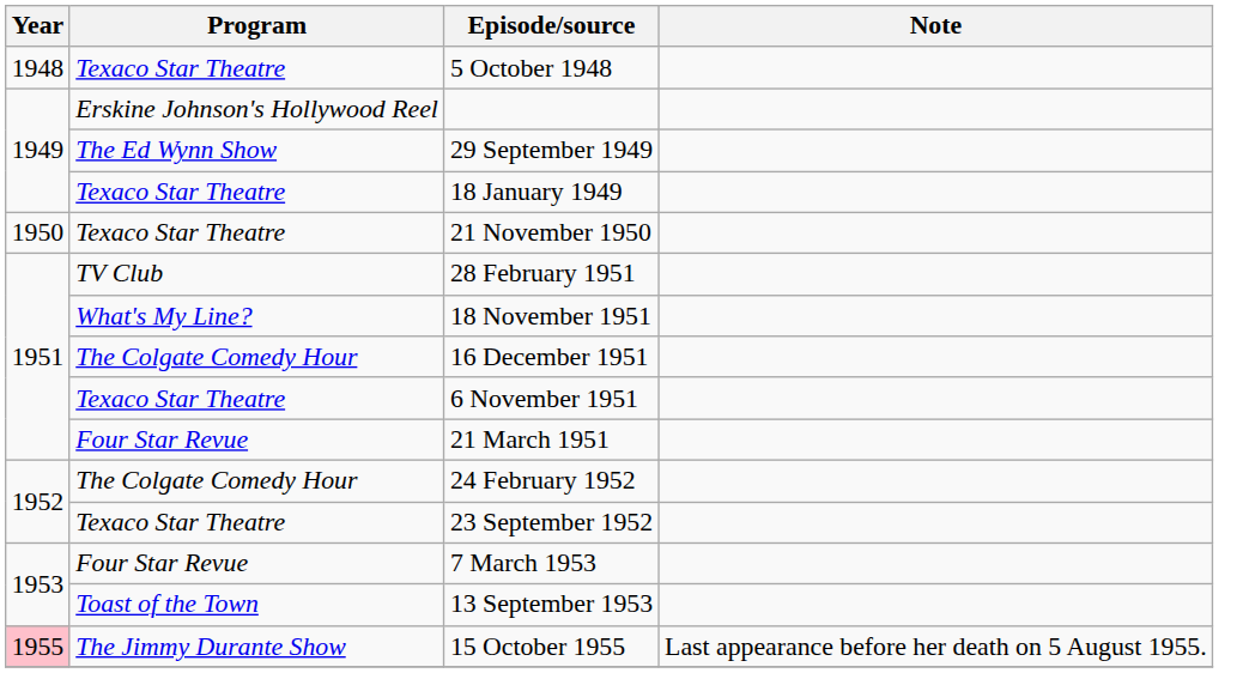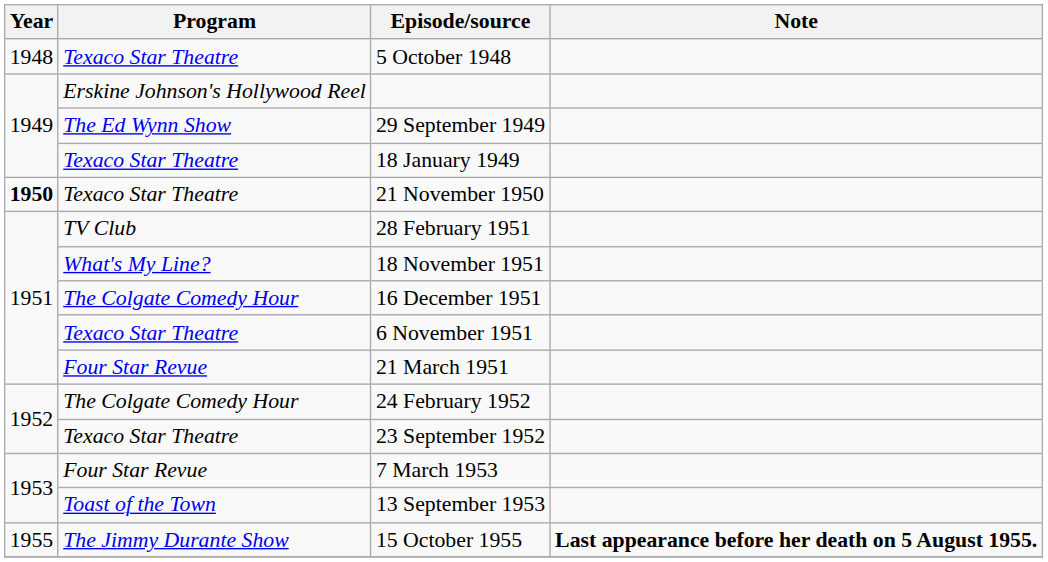 <table class="wikitable">
 <tr>
 <th>Year</th>
 <th>Program</th>
 <th>Episode/source</th>
 <th>Note</th>
 </tr>
 <tr>
 <td>1948</td>
 <td><em><a href='#'>Texaco Star Theatre</a></em></td>
 <td>5 October 1948</td>
 <td></td>
 </tr>
 <tr>
 <td rowspan="3">1949</td>
 <td><em>Erskine Johnson's Hollywood Reel</em></td>
 <td></td>
 <td></td>
 </tr>
 <tr>
 <td><em><a href='#'>The Ed Wynn Show</a></em></td>
 <td>29 September 1949</td>
 <td></td>
 </tr>
 <tr>
 <td><em><a href='#'>Texaco Star Theatre</a></em></td>
 <td>18 January 1949</td>
 <td></td>
 </tr>
 <tr>
-<td>1950</td>
+<td><strong>1950</strong></td>
 <td><em>Texaco Star Theatre</em></td>
 <td>21 November 1950</td>
 <td></td>
 </tr>
 <tr>
 <td rowspan="5">1951</td>
 <td><em>TV Club</em></td>
 <td>28 February 1951</td>
 <td></td>
 </tr>
 <tr>
 <td><em><a href='#'>What's My Line?</a></em></td>
 <td>18 November 1951</td>
 <td></td>
 </tr>
 <tr>
 <td><em><a href='#'>The Colgate Comedy Hour</a></em></td>
 <td>16 December 1951</td>
 <td></td>
 </tr>
 <tr>
 <td><em><a href='#'>Texaco Star Theatre</a></em></td>
 <td>6 November 1951</td>
 <td></td>
 </tr>
 <tr>
 <td><em><a href='#'>Four Star Revue</a></em></td>
 <td>21 March 1951</td>
 <td></td>
 </tr>
 <tr>
 <td rowspan="2">1952</td>
 <td><em>The Colgate Comedy Hour</em></td>
 <td>24 February 1952</td>
 <td></td>
 </tr>
 <tr>
 <td><em>Texaco Star Theatre</em></td>
 <td>23 September 1952</td>
 <td></td>
 </tr>
 <tr>
 <td rowspan="2">1953</td>
 <td><em>Four Star Revue</em></td>
 <td>7 March 1953</td>
 <td></td>
 </tr>
 <tr>
 <td><em><a href='#'>Toast of the Town</a></em></td>
 <td>13 September 1953</td>
 <td></td>
 </tr>
 <tr>
-<td style="background: pink;">1955</td>
+<td>1955</td>
 <td><em><a href='#'>The Jimmy Durante Show</a></em></td>
 <td>15 October 1955</td>
-<td>Last appearance before her death on 5 August 1955.</td>
+<td><strong>Last appearance before her death on 5 August 1955.</strong></td>
 </tr>
 <tr>
 </tr>
 </table>
